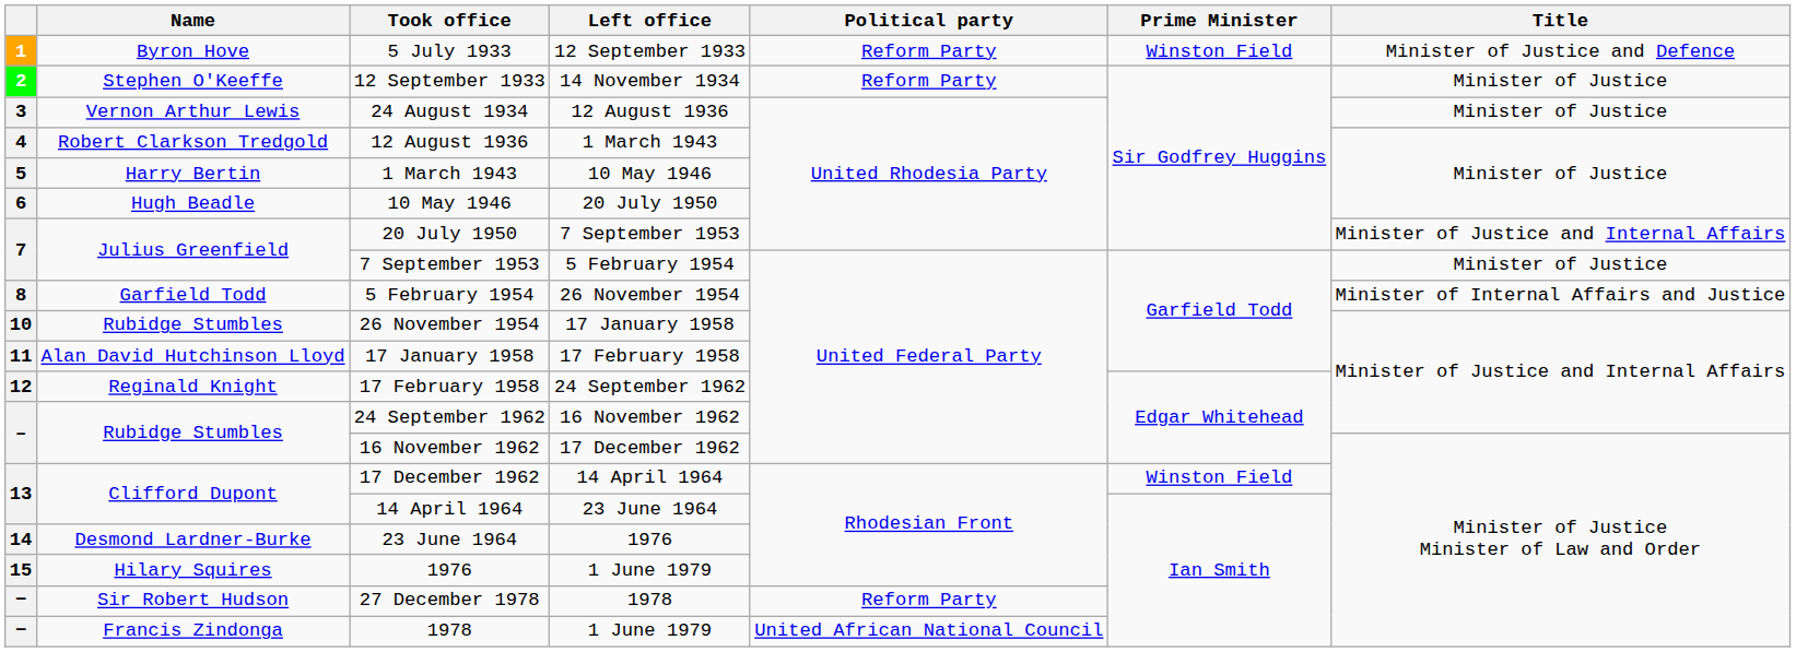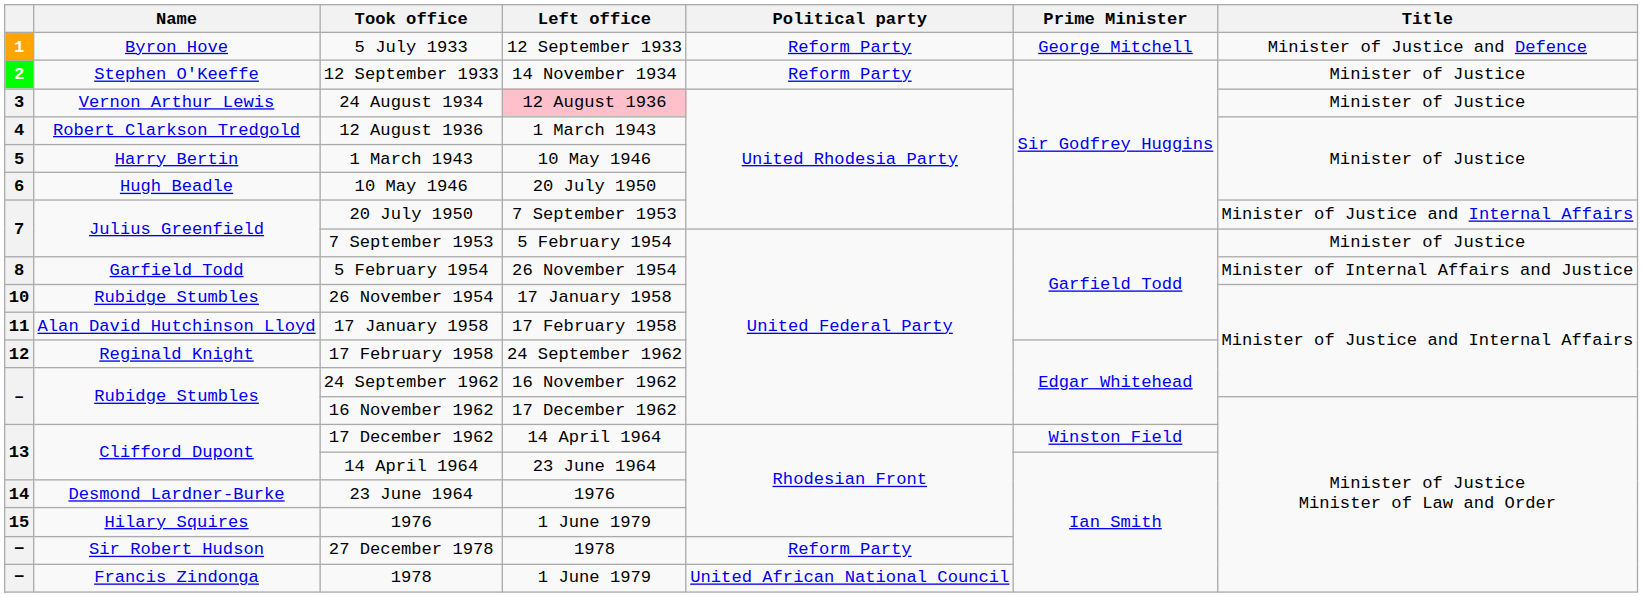 <table class="wikitable" style="text-align:center">
 <tr>
 <th></th>
 <th>Name</th>
 <th>Took office</th>
 <th>Left office</th>
 <th>Political party</th>
 <th>Prime Minister</th>
 <th>Title</th>
 </tr>
 <tr>
 <th style="background:orange; color:white;">1</th>
 <td><a href='#'>Byron Hove</a><br></td>
 <td>5 July 1933</td>
 <td>12 September 1933</td>
 <td><a href='#'>Reform Party</a></td>
-<td><a href='#'>Winston Field</a></td>
+<td><a href='#'>George Mitchell</a></td>
 <td>Minister of Justice and <a href='#'>Defence</a></td>
 </tr>
 <tr>
 <th style="background:lime; color:white;">2</th>
 <td><a href='#'>Stephen O'Keeffe</a></td>
 <td>12 September 1933</td>
 <td>14 November 1934</td>
 <td><a href='#'>Reform Party</a></td>
 <td rowspan="6"><a href='#'>Sir Godfrey Huggins</a></td>
 <td>Minister of Justice</td>
 </tr>
 <tr>
 <th style="background:">3</th>
 <td><a href='#'>Vernon Arthur Lewis</a></td>
 <td>24 August 1934</td>
-<td>12 August 1936</td>
+<td style="background: pink;">12 August 1936</td>
 <td rowspan="5"><a href='#'>United Rhodesia Party</a></td>
 <td>Minister of Justice</td>
 </tr>
 <tr>
 <th style="background:">4</th>
 <td><a href='#'>Robert Clarkson Tredgold</a></td>
 <td>12 August 1936</td>
 <td>1 March 1943</td>
 <td rowspan="3">Minister of Justice</td>
 </tr>
 <tr>
 <th style="background:">5</th>
 <td><a href='#'>Harry Bertin</a></td>
 <td>1 March 1943</td>
 <td>10 May 1946</td>
 </tr>
 <tr>
 <th style="background:">6</th>
 <td><a href='#'>Hugh Beadle</a></td>
 <td>10 May 1946</td>
 <td>20 July 1950</td>
 </tr>
 <tr>
 <th rowspan="2" style="background:">7</th>
 <td rowspan="2"><a href='#'>Julius Greenfield</a></td>
 <td>20 July 1950</td>
 <td>7 September 1953</td>
 <td>Minister of Justice and <a href='#'>Internal Affairs</a></td>
 </tr>
 <tr>
 <td>7 September 1953</td>
 <td>5 February 1954</td>
 <td rowspan="7"><a href='#'>United Federal Party</a></td>
 <td rowspan="4"><a href='#'>Garfield Todd</a></td>
 <td>Minister of Justice</td>
 </tr>
 <tr>
 <th style="background:">8</th>
 <td><a href='#'>Garfield Todd</a></td>
 <td>5 February 1954</td>
 <td>26 November 1954</td>
 <td>Minister of Internal Affairs and Justice</td>
 </tr>
 <tr>
 <th style="background:">10</th>
 <td><a href='#'>Rubidge Stumbles</a></td>
 <td>26 November 1954</td>
 <td>17 January 1958</td>
 <td rowspan="4">Minister of Justice and Internal Affairs</td>
 </tr>
 <tr>
 <th style="background:">11</th>
 <td><a href='#'>Alan David Hutchinson Lloyd</a></td>
 <td>17 January 1958</td>
 <td>17 February 1958</td>
 </tr>
 <tr>
 <th style="background:">12</th>
 <td><a href='#'>Reginald Knight</a></td>
 <td>17 February 1958</td>
 <td>24 September 1962</td>
 <td rowspan="3"><a href='#'>Edgar Whitehead</a></td>
 </tr>
 <tr>
 <th rowspan="2" style="background:">–</th>
 <td rowspan="2"><a href='#'>Rubidge Stumbles</a></td>
 <td>24 September 1962</td>
 <td>16 November 1962</td>
 </tr>
 <tr>
 <td>16 November 1962</td>
 <td>17 December 1962</td>
 <td rowspan="7">Minister of Justice<br>Minister of Law and Order</td>
 </tr>
 <tr>
 <th rowspan="2" style="background:">13</th>
 <td rowspan="2"><a href='#'>Clifford Dupont</a></td>
 <td>17 December 1962</td>
 <td>14 April 1964</td>
 <td rowspan="4"><a href='#'>Rhodesian Front</a></td>
 <td><a href='#'>Winston Field</a></td>
 </tr>
 <tr>
 <td>14 April 1964</td>
 <td>23 June 1964</td>
 <td rowspan="5"><a href='#'>Ian Smith</a></td>
 </tr>
 <tr>
 <th style="background:">14</th>
 <td><a href='#'>Desmond Lardner-Burke</a></td>
 <td>23 June 1964</td>
 <td>1976</td>
 </tr>
 <tr>
 <th style="background:">15</th>
 <td><a href='#'>Hilary Squires</a></td>
 <td>1976</td>
 <td>1 June 1979</td>
 </tr>
 <tr>
 <th style="background:">−</th>
 <td><a href='#'>Sir Robert Hudson</a></td>
 <td>27 December 1978</td>
 <td>1978</td>
 <td><a href='#'>Reform Party</a></td>
 </tr>
 <tr>
 <th style="background:">−</th>
 <td><a href='#'>Francis Zindonga</a><br></td>
 <td>1978</td>
 <td>1 June 1979</td>
 <td><a href='#'>United African National Council</a></td>
 </tr>
 </table>
